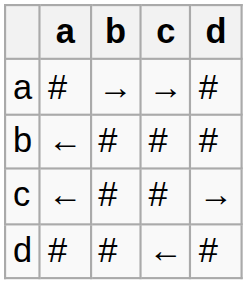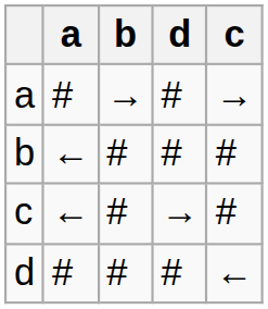 <table class="wikitable">
 <tr>
 <th></th>
 <th>a</th>
 <th>b</th>
+<th>d</th>
 <th>c</th>
-<th>d</th>
 </tr>
 <tr>
 <td>a</td>
 <td>#</td>
 <td>→</td>
+<td>#</td>
 <td>→</td>
-<td>#</td>
 </tr>
 <tr>
 <td>b</td>
 <td>←</td>
 <td>#</td>
 <td>#</td>
 <td>#</td>
 </tr>
 <tr>
 <td>c</td>
 <td>←</td>
 <td>#</td>
+<td>→</td>
 <td>#</td>
-<td>→</td>
 </tr>
 <tr>
 <td>d</td>
 <td>#</td>
 <td>#</td>
+<td>#</td>
 <td>←</td>
-<td>#</td>
 </tr>
 </table>
